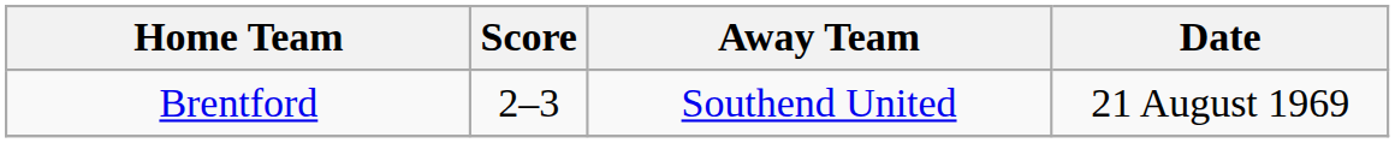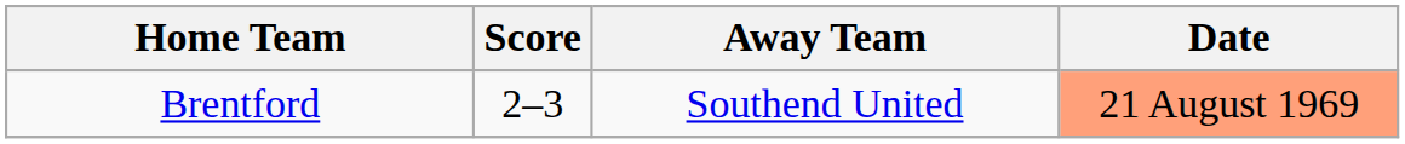 <table class="wikitable" style="text-align:center;">
 <tr>
 <th width=175>Home Team</th>
 <th width=20>Score</th>
 <th width=175>Away Team</th>
 <th width=125>Date</th>
 </tr>
 <tr>
 <td><a href='#'>Brentford</a></td>
 <td>2–3</td>
 <td><a href='#'>Southend United</a></td>
-<td>21 August 1969</td>
+<td style="background: lightsalmon;">21 August 1969</td>
 </tr>
 <tr>
 </tr>
 </table>
